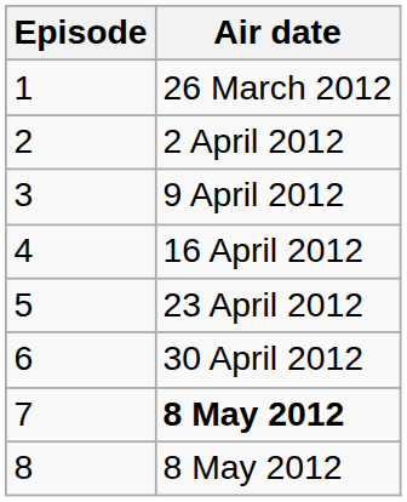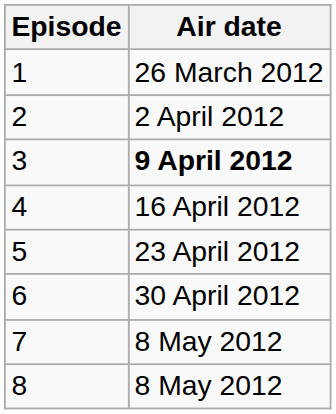 <table class="wikitable">
 <tr>
 <th>Episode</th>
 <th>Air date</th>
 </tr>
 <tr>
 <td>1</td>
 <td>26 March 2012</td>
 </tr>
 <tr>
 <td>2</td>
 <td>2 April 2012</td>
 </tr>
 <tr>
 <td>3</td>
-<td>9 April 2012</td>
+<td><strong>9 April 2012</strong></td>
 </tr>
 <tr>
 <td>4</td>
 <td>16 April 2012</td>
 </tr>
 <tr>
 <td>5</td>
 <td>23 April 2012</td>
 </tr>
 <tr>
 <td>6</td>
 <td>30 April 2012</td>
 </tr>
 <tr>
 <td>7</td>
-<td><strong>8 May 2012</strong></td>
+<td>8 May 2012</td>
 </tr>
 <tr>
 <td>8</td>
 <td>8 May 2012</td>
 </tr>
 </table>
